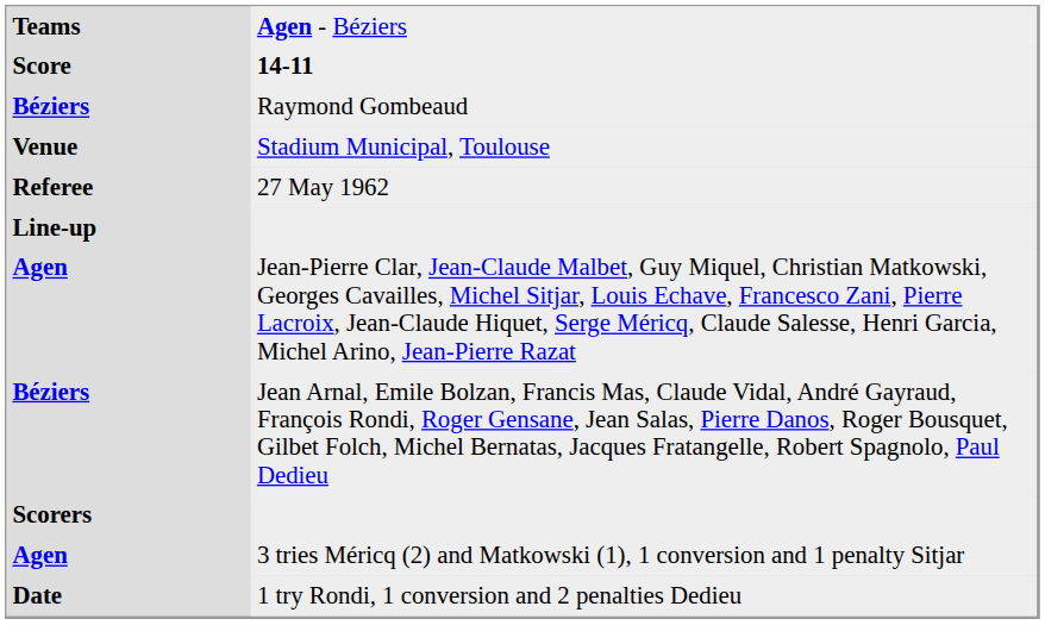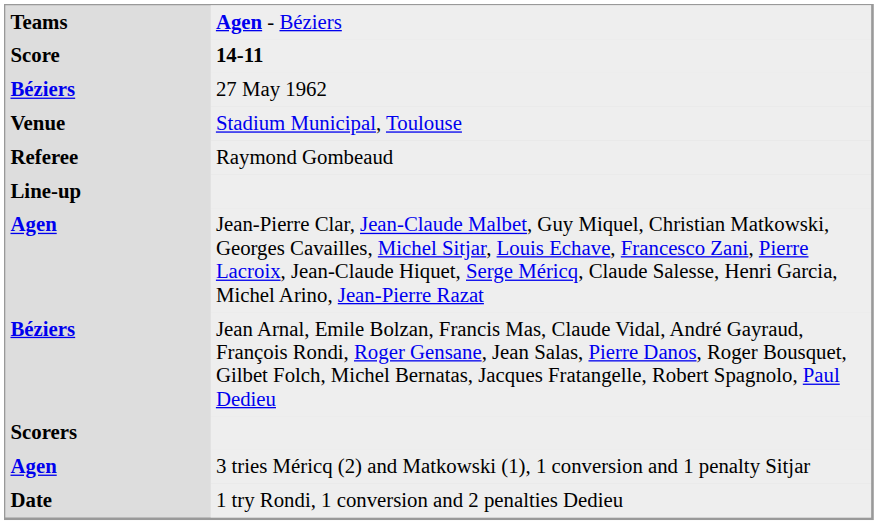 <table align="left" cellpadding="4" cellspacing="0"  style="margin: 0 0 0 0; border: 1px solid #999; border-right-width: 2px; border-bottom-width: 2px; background-color: #DDDDDD">
 <tr>
 <td width="150" valign="top"><strong>Teams</strong></td>
 <td width="500" bgcolor=#EEEEEE><strong><a href='#'>Agen</a> </strong> - <a href='#'>Béziers</a></td>
 </tr>
 <tr>
 <td valign="top"><strong>Score</strong></td>
 <td bgcolor=#EEEEEE><strong>14-11</strong></td>
 </tr>
 <tr>
 <td valign="top"><strong><a href='#'>Béziers</a></strong></td>
-<td bgcolor=#EEEEEE>Raymond Gombeaud</td>
+<td bgcolor=#EEEEEE>27 May 1962</td>
 </tr>
 <tr>
 <td valign="top"><strong>Venue</strong></td>
 <td bgcolor=#EEEEEE><a href='#'>Stadium Municipal</a>, <a href='#'>Toulouse</a></td>
 </tr>
 <tr>
 <td valign="top"><strong>Referee</strong></td>
-<td bgcolor=#EEEEEE>27 May 1962</td>
+<td bgcolor=#EEEEEE>Raymond Gombeaud</td>
 </tr>
 <tr>
 <td valign="top"><strong>Line-up</strong></td>
 <td bgcolor=#EEEEEE></td>
 </tr>
 <tr>
 <td valign="top"><strong> <a href='#'>Agen</a> </strong></td>
 <td bgcolor=#EEEEEE>Jean-Pierre Clar, <a href='#'>Jean-Claude Malbet</a>, Guy Miquel, Christian Matkowski, Georges Cavailles, <a href='#'>Michel Sitjar</a>, <a href='#'>Louis Echave</a>, <a href='#'>Francesco Zani</a>, <a href='#'>Pierre Lacroix</a>, Jean-Claude Hiquet, <a href='#'>Serge Méricq</a>,  Claude Salesse, Henri Garcia, Michel Arino, <a href='#'>Jean-Pierre Razat</a></td>
 </tr>
 <tr>
 <td valign="top"><strong><a href='#'>Béziers</a></strong></td>
 <td bgcolor=#EEEEEE>Jean Arnal, Emile Bolzan, Francis Mas, Claude Vidal, André Gayraud, François Rondi,  <a href='#'>Roger Gensane</a>, Jean Salas, <a href='#'>Pierre Danos</a>, Roger Bousquet, Gilbet Folch, Michel Bernatas, Jacques Fratangelle, Robert Spagnolo, <a href='#'>Paul Dedieu</a></td>
 </tr>
 <tr>
 <td valign="top"><strong>Scorers</strong></td>
 <td bgcolor=#EEEEEE></td>
 </tr>
 <tr>
 <td valign="top"><strong><a href='#'>Agen</a>  </strong></td>
 <td bgcolor=#EEEEEE>3 tries Méricq (2) and Matkowski (1), 1 conversion and 1 penalty Sitjar</td>
 </tr>
 <tr>
 <td valign="top"><strong>Date</strong></td>
 <td bgcolor=#EEEEEE>1 try Rondi, 1 conversion and 2 penalties  Dedieu</td>
 </tr>
 </table>
